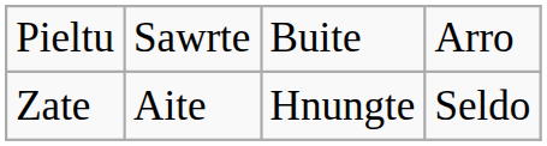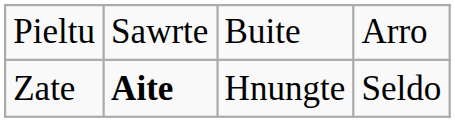 <table class="wikitable">
 <tr>
 <td>Pieltu</td>
 <td>Sawrte</td>
 <td>Buite</td>
 <td>Arro</td>
 </tr>
 <tr>
 <td>Zate</td>
-<td>Aite</td>
+<td><strong>Aite</strong></td>
 <td>Hnungte</td>
 <td>Seldo</td>
 </tr>
 </table>
